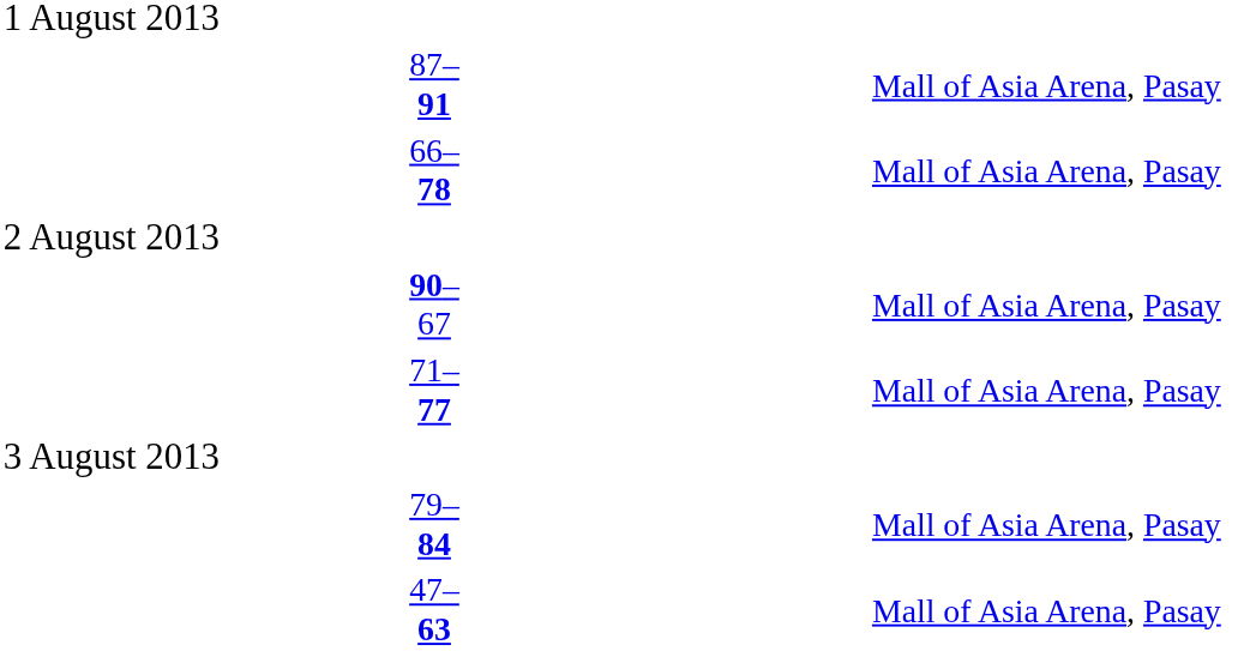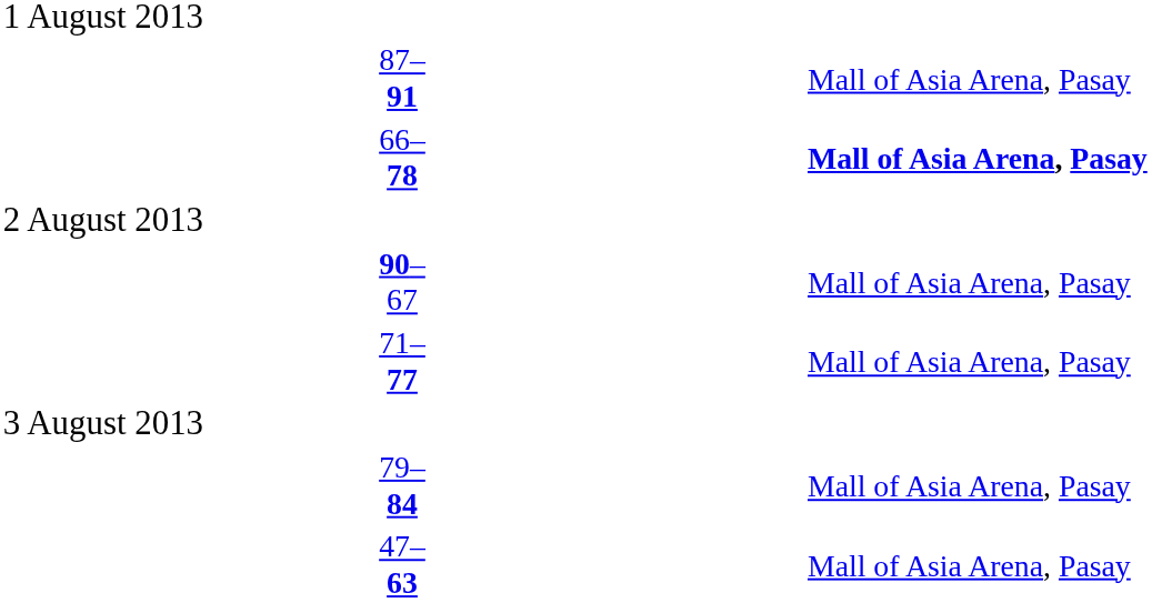 <table style="width:100%;" cellspacing="1">
 <tr>
 <th width=25%></th>
 <th width=2%></th>
 <th width=6%></th>
 <th width=2%></th>
 <th width=25%></th>
 </tr>
 <tr>
 <td>1 August 2013</td>
 </tr>
 <tr style=font-size:90%>
 <td align=right></td>
 <td></td>
 <td align=center><a href='#'>87–<strong>91</strong></a></td>
 <td></td>
 <td><strong></strong></td>
 <td><a href='#'>Mall of Asia Arena</a>, <a href='#'>Pasay</a></td>
 </tr>
 <tr style=font-size:90%>
 <td align=right></td>
 <td></td>
 <td align=center><a href='#'>66–<strong>78</strong></a></td>
 <td></td>
 <td><strong></strong></td>
-<td><a href='#'>Mall of Asia Arena</a>, <a href='#'>Pasay</a></td>
+<td><strong><a href='#'>Mall of Asia Arena</a>, <a href='#'>Pasay</a></strong></td>
 </tr>
 <tr>
 <td>2 August 2013</td>
 </tr>
 <tr style=font-size:90%>
 <td align=right><strong></strong></td>
 <td></td>
 <td align=center><a href='#'><strong>90</strong>–67</a></td>
 <td></td>
 <td></td>
 <td><a href='#'>Mall of Asia Arena</a>, <a href='#'>Pasay</a></td>
 </tr>
 <tr style=font-size:90%>
 <td align=right></td>
 <td></td>
 <td align=center><a href='#'>71–<strong>77</strong></a></td>
 <td></td>
 <td><strong></strong></td>
 <td><a href='#'>Mall of Asia Arena</a>, <a href='#'>Pasay</a></td>
 </tr>
 <tr>
 <td>3 August 2013</td>
 </tr>
 <tr style=font-size:90%>
 <td align=right></td>
 <td></td>
 <td align=center><a href='#'>79–<strong>84</strong></a></td>
 <td></td>
 <td><strong></strong></td>
 <td><a href='#'>Mall of Asia Arena</a>, <a href='#'>Pasay</a></td>
 </tr>
 <tr style=font-size:90%>
 <td align="right"></td>
 <td></td>
 <td align="center"><a href='#'>47–<strong>63</strong></a></td>
 <td></td>
 <td><strong></strong></td>
 <td><a href='#'>Mall of Asia Arena</a>, <a href='#'>Pasay</a></td>
 </tr>
 </table>
